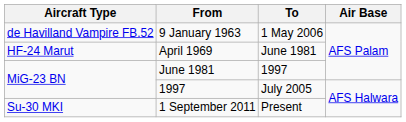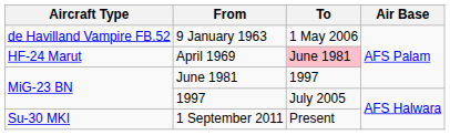 <table class="wikitable">
 <tr>
 <th>Aircraft Type</th>
 <th>From</th>
 <th>To</th>
 <th>Air Base</th>
 </tr>
 <tr>
 <td><a href='#'>de Havilland Vampire FB.52</a></td>
 <td>9 January 1963</td>
 <td>1 May 2006</td>
 <td rowspan='3'><a href='#'>AFS Palam</a></td>
 </tr>
 <tr>
 <td><a href='#'>HF-24 Marut</a></td>
 <td>April 1969</td>
-<td>June 1981</td>
+<td style="background: pink;">June 1981</td>
 </tr>
 <tr>
 <td rowspan='2'><a href='#'>MiG-23 BN</a></td>
 <td>June 1981</td>
 <td>1997</td>
 </tr>
 <tr>
 <td>1997</td>
 <td>July 2005</td>
 <td rowspan='2'><a href='#'>AFS Halwara</a></td>
 </tr>
 <tr>
 <td><a href='#'>Su-30 MKI</a></td>
 <td>1 September 2011</td>
 <td>Present</td>
 </tr>
 </table>
